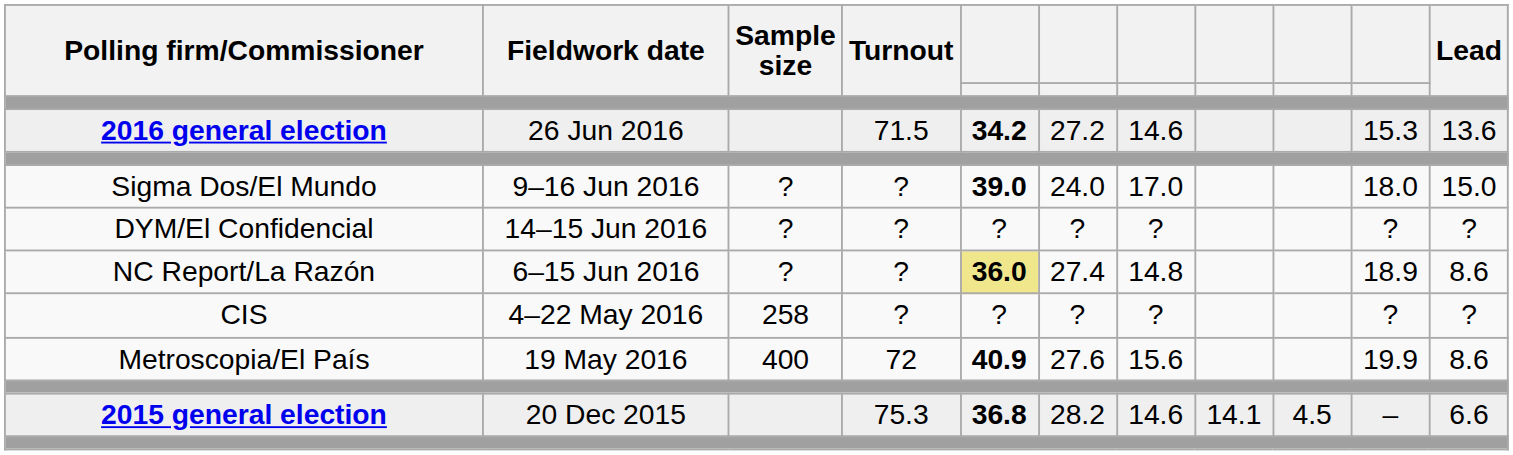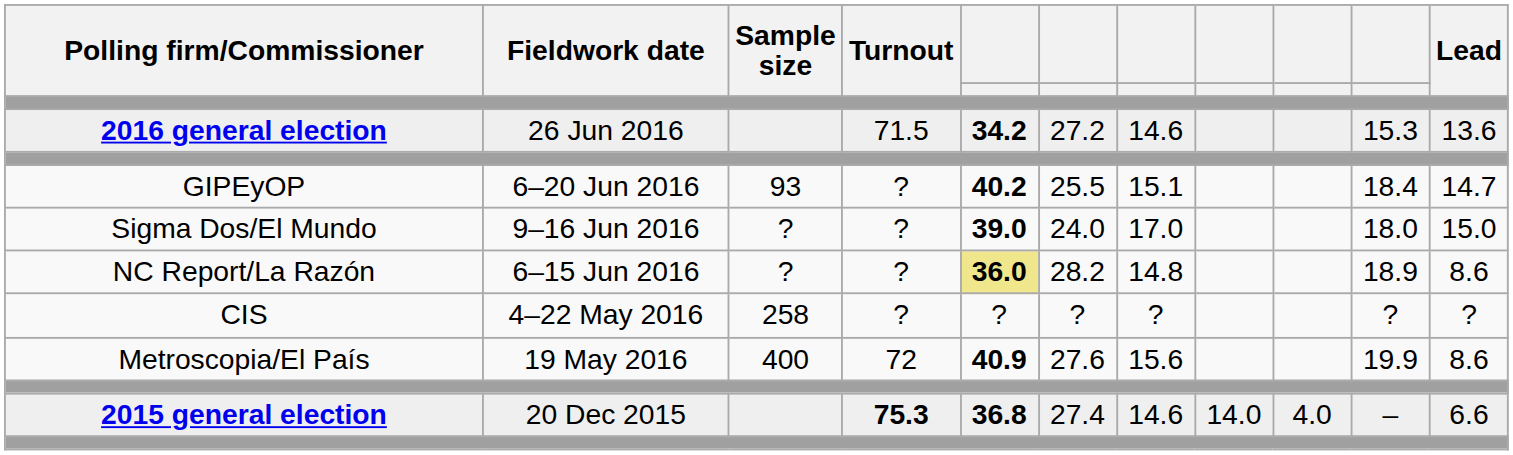 <table class="wikitable collapsible collapsed" style="text-align:center; font-size:95%; line-height:16px;">
 <tr style="height:42px; background-color:#E9E9E9">
 <th style="width:250px;" rowspan="2">Polling firm/Commissioner</th>
 <th style="width:125px;" rowspan="2">Fieldwork date</th>
 <th style="width:50px;" rowspan="2">Sample size</th>
 <th style="width:45px;" rowspan="2">Turnout</th>
 <th style="width:35px;"></th>
 <th style="width:35px;"></th>
 <th style="width:35px;"></th>
 <th style="width:35px;"></th>
 <th style="width:35px;"></th>
 <th style="width:35px;"></th>
 <th style="width:30px;" rowspan="2">Lead</th>
 </tr>
 <tr>
 <th style="color:inherit;background:"></th>
 <th style="color:inherit;background:"></th>
 <th style="color:inherit;background:"></th>
 <th style="color:inherit;background:"></th>
 <th style="color:inherit;background:"></th>
 <th style="color:inherit;background:"></th>
 </tr>
 <tr>
 <td colspan="11" style="background:#A0A0A0"></td>
 </tr>
 <tr style="background:#EFEFEF;">
 <td><strong><a href='#'>2016 general election</a></strong></td>
 <td>26 Jun 2016</td>
 <td></td>
 <td>71.5</td>
 <td><strong>34.2</strong><br></td>
 <td>27.2<br></td>
 <td>14.6<br></td>
 <td></td>
 <td></td>
 <td>15.3<br></td>
 <td style="background:">13.6</td>
 </tr>
 <tr>
 <td colspan="11" style="background:#A0A0A0"></td>
 </tr>
 <tr>
+<td>GIPEyOP</td>
+<td>6–20 Jun 2016</td>
+<td>93</td>
+<td>?</td>
+<td><strong>40.2</strong><br></td>
+<td>25.5<br></td>
+<td>15.1<br></td>
+<td></td>
+<td></td>
+<td>18.4<br></td>
+<td style="background:">14.7</td>
+</tr>
+<tr>
 <td>Sigma Dos/El Mundo</td>
 <td>9–16 Jun 2016</td>
 <td>?</td>
 <td>?</td>
 <td><strong>39.0</strong><br></td>
 <td>24.0<br></td>
 <td>17.0<br></td>
 <td></td>
 <td></td>
 <td>18.0<br></td>
 <td style="background:">15.0</td>
 </tr>
 <tr>
-<td>DYM/El Confidencial</td>
-<td>14–15 Jun 2016</td>
-<td>?</td>
-<td>?</td>
-<td>?<br></td>
-<td>?<br></td>
-<td>?<br></td>
-<td></td>
-<td></td>
-<td>?<br></td>
-<td style="background:">?</td>
-</tr>
-<tr>
 <td>NC Report/La Razón</td>
 <td>6–15 Jun 2016</td>
 <td>?</td>
 <td>?</td>
 <td style="background: khaki;"><strong>36.0</strong><br></td>
-<td>27.4<br></td>
+<td>28.2<br></td>
 <td>14.8<br></td>
 <td></td>
 <td></td>
 <td>18.9<br></td>
 <td style="background:">8.6</td>
 </tr>
 <tr>
 <td>CIS</td>
 <td>4–22 May 2016</td>
 <td>258</td>
 <td>?</td>
 <td>?<br></td>
 <td>?<br></td>
 <td>?<br></td>
 <td></td>
 <td></td>
 <td>?<br></td>
 <td style="background:">?</td>
 </tr>
 <tr>
 <td>Metroscopia/El País</td>
 <td>19 May 2016</td>
 <td>400</td>
 <td>72</td>
 <td><strong>40.9</strong><br></td>
 <td>27.6<br></td>
 <td>15.6<br></td>
 <td></td>
 <td></td>
 <td>19.9<br></td>
 <td style="background:">8.6</td>
 </tr>
 <tr>
 <td colspan="11" style="background:#A0A0A0"></td>
 </tr>
 <tr style="background:#EFEFEF;">
 <td><strong><a href='#'>2015 general election</a></strong></td>
 <td>20 Dec 2015</td>
 <td></td>
-<td>75.3</td>
+<td><strong>75.3</strong></td>
 <td><strong>36.8</strong><br></td>
-<td>28.2<br></td>
+<td>27.4<br></td>
 <td>14.6<br></td>
-<td>14.1<br></td>
-<td>4.5<br></td>
+<td>14.0<br></td>
+<td>4.0<br></td>
 <td>–</td>
 <td style="background:">6.6</td>
 </tr>
 <tr>
 <td colspan="11" style="background:#A0A0A0"></td>
 </tr>
 </table>
